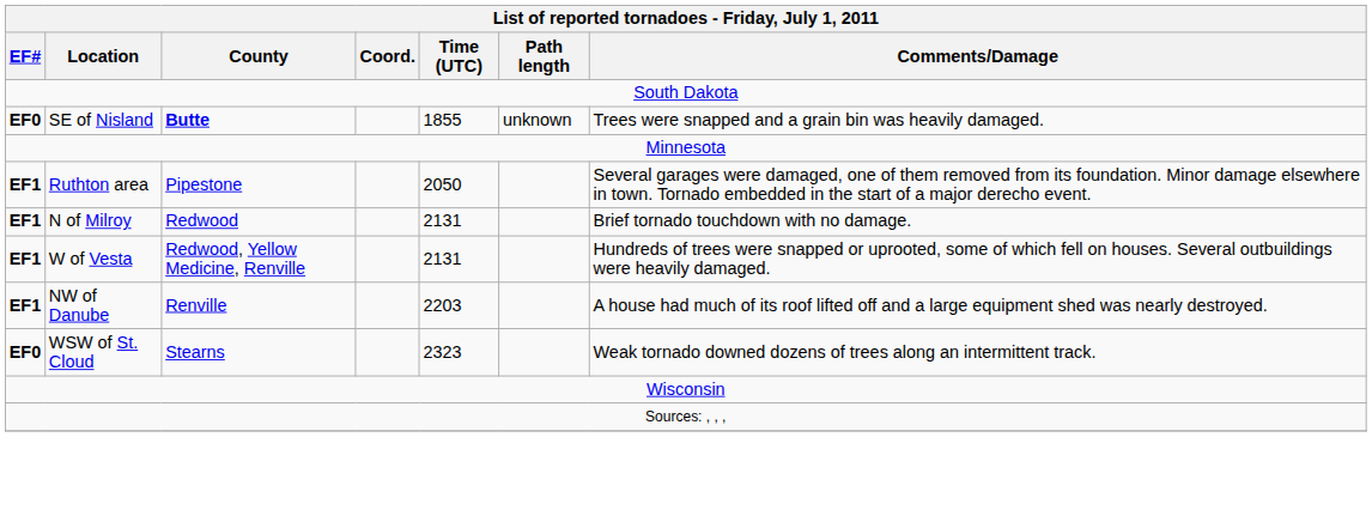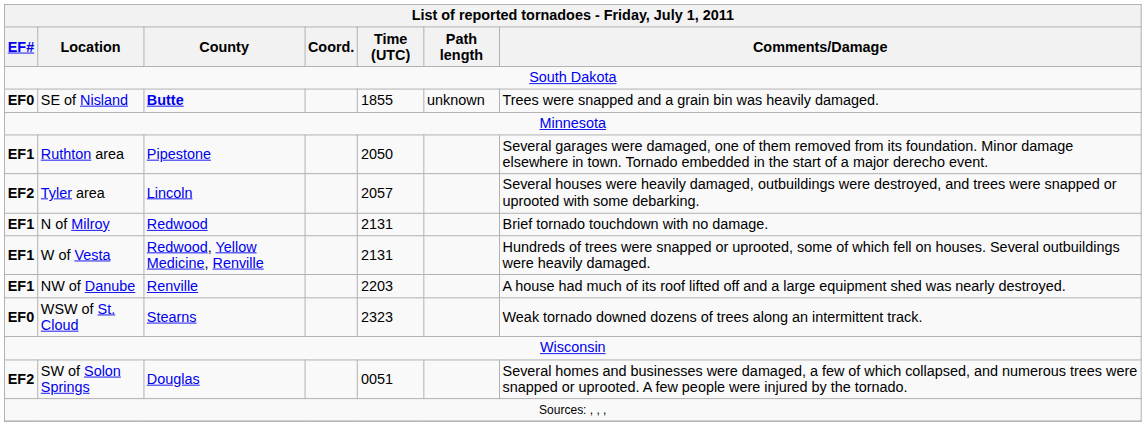 <table class="wikitable collapsible" width="100%">
 <tr>
 <th colspan="7">List of reported tornadoes - Friday, July 1, 2011</th>
 </tr>
 <tr>
 <th><a href='#'>EF#</a></th>
 <th>Location</th>
 <th>County</th>
 <th>Coord.</th>
 <th>Time (UTC)</th>
 <th>Path length</th>
 <th>Comments/Damage</th>
 </tr>
 <tr>
 <td colspan="7" align=center><a href='#'>South Dakota</a></td>
 </tr>
 <tr>
 <td><strong>EF0</strong></td>
 <td>SE of <a href='#'>Nisland</a></td>
 <td><strong><a href='#'>Butte</a></strong></td>
 <td></td>
 <td>1855</td>
 <td>unknown</td>
 <td>Trees were snapped and a grain bin was heavily damaged.</td>
 </tr>
 <tr>
 <td colspan="7" align=center><a href='#'>Minnesota</a></td>
 </tr>
 <tr>
 <td><strong>EF1</strong></td>
 <td><a href='#'>Ruthton</a> area</td>
 <td><a href='#'>Pipestone</a></td>
 <td></td>
 <td>2050</td>
 <td></td>
 <td>Several garages were damaged, one of them removed from its foundation. Minor damage elsewhere in town. Tornado embedded in the start of a major derecho event.</td>
+</tr>
+<tr>
+<td><strong>EF2</strong></td>
+<td><a href='#'>Tyler</a> area</td>
+<td><a href='#'>Lincoln</a></td>
+<td></td>
+<td>2057</td>
+<td></td>
+<td>Several houses were heavily damaged, outbuildings were destroyed, and trees were snapped or uprooted with some debarking.</td>
 </tr>
 <tr>
 <td><strong>EF1</strong></td>
 <td>N of <a href='#'>Milroy</a></td>
 <td><a href='#'>Redwood</a></td>
 <td></td>
 <td>2131</td>
 <td></td>
 <td>Brief tornado touchdown with no damage.</td>
 </tr>
 <tr>
 <td><strong>EF1</strong></td>
 <td>W of <a href='#'>Vesta</a></td>
 <td><a href='#'>Redwood</a>, <a href='#'>Yellow Medicine</a>, <a href='#'>Renville</a></td>
 <td></td>
 <td>2131</td>
 <td></td>
 <td>Hundreds of trees were snapped or uprooted, some of which fell on houses. Several outbuildings were heavily damaged.</td>
 </tr>
 <tr>
 <td><strong>EF1</strong></td>
 <td>NW of <a href='#'>Danube</a></td>
 <td><a href='#'>Renville</a></td>
 <td></td>
 <td>2203</td>
 <td></td>
 <td>A house had much of its roof lifted off and a large equipment shed was nearly destroyed.</td>
 </tr>
 <tr>
 <td><strong>EF0</strong></td>
 <td>WSW of <a href='#'>St. Cloud</a></td>
 <td><a href='#'>Stearns</a></td>
 <td></td>
 <td>2323</td>
 <td></td>
 <td>Weak tornado downed dozens of trees along an intermittent track.</td>
 </tr>
 <tr>
 <td colspan="7" align=center><a href='#'>Wisconsin</a></td>
 </tr>
 <tr>
+<td><strong>EF2</strong></td>
+<td>SW of <a href='#'>Solon Springs</a></td>
+<td><a href='#'>Douglas</a></td>
+<td></td>
+<td>0051</td>
+<td></td>
+<td>Several homes and businesses were damaged, a few of which collapsed, and numerous trees were snapped or uprooted. A few people were injured by the tornado.</td>
+</tr>
+<tr>
 <td colspan="7" align=center><small>Sources:  , , , </small></td>
 </tr>
 <tr>
 </tr>
 </table>
